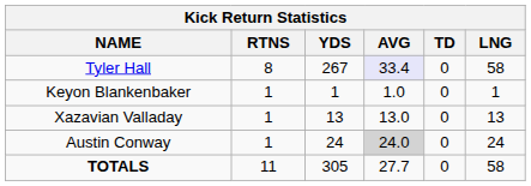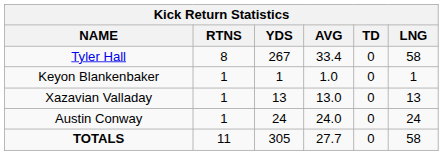 <table style="width:60%; text-align:center;" class="wikitable collapsible collapsed">
 <tr>
 <th colspan="8">Kick Return Statistics</th>
 </tr>
 <tr>
 <th>NAME</th>
 <th>RTNS</th>
 <th>YDS</th>
 <th>AVG</th>
 <th>TD</th>
 <th>LNG</th>
 </tr>
 <tr>
 <td><a href='#'>Tyler Hall</a></td>
 <td>8</td>
 <td>267</td>
-<td style="background: lavender;">33.4</td>
+<td>33.4</td>
 <td>0</td>
 <td>58</td>
 </tr>
 <tr>
 <td>Keyon Blankenbaker</td>
 <td>1</td>
 <td>1</td>
 <td>1.0</td>
 <td>0</td>
 <td>1</td>
 </tr>
 <tr>
 <td>Xazavian Valladay</td>
 <td>1</td>
 <td>13</td>
 <td>13.0</td>
 <td>0</td>
 <td>13</td>
 </tr>
 <tr>
 <td>Austin Conway</td>
 <td>1</td>
 <td>24</td>
-<td style="background: lightgrey;">24.0</td>
+<td>24.0</td>
 <td>0</td>
 <td>24</td>
 </tr>
 <tr>
 <td><strong>TOTALS</strong></td>
 <td>11</td>
 <td>305</td>
 <td>27.7</td>
 <td>0</td>
 <td>58</td>
 </tr>
 </table>
